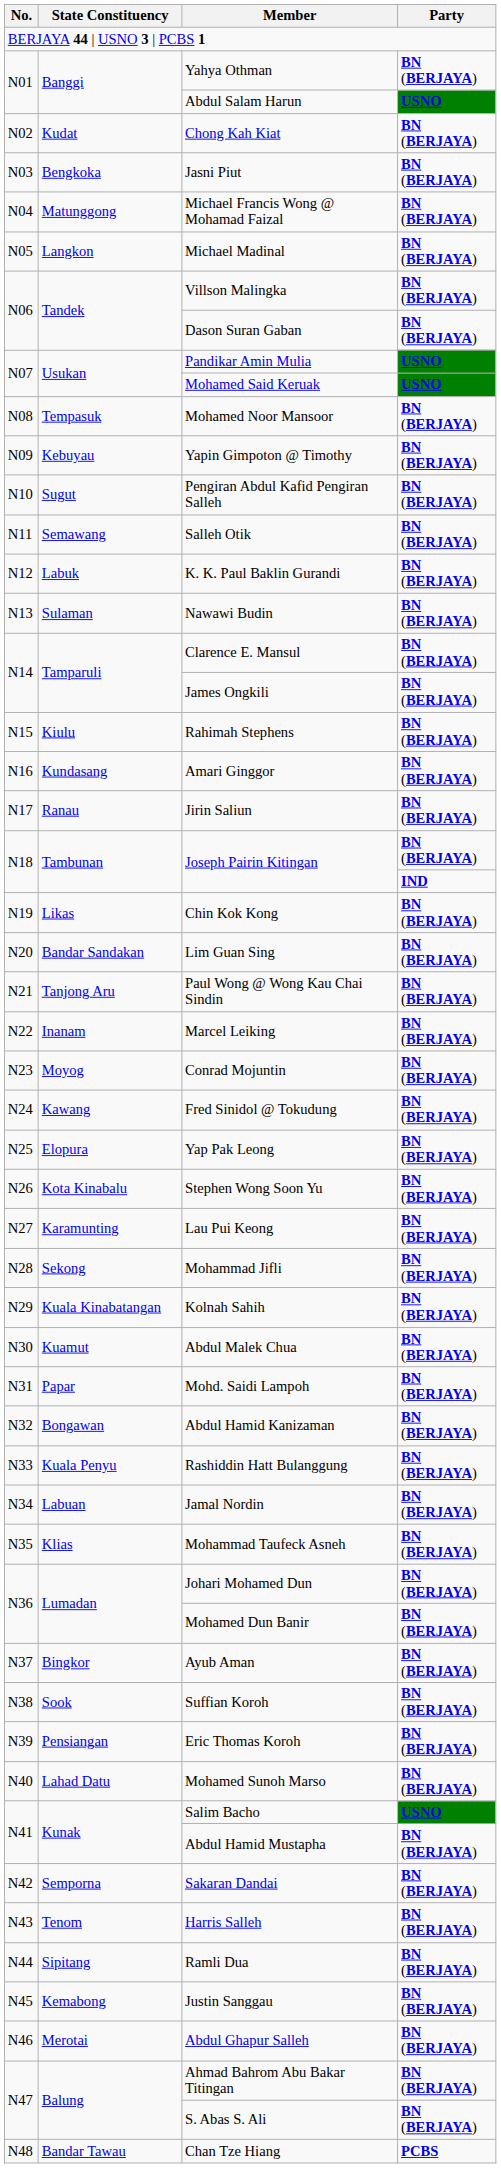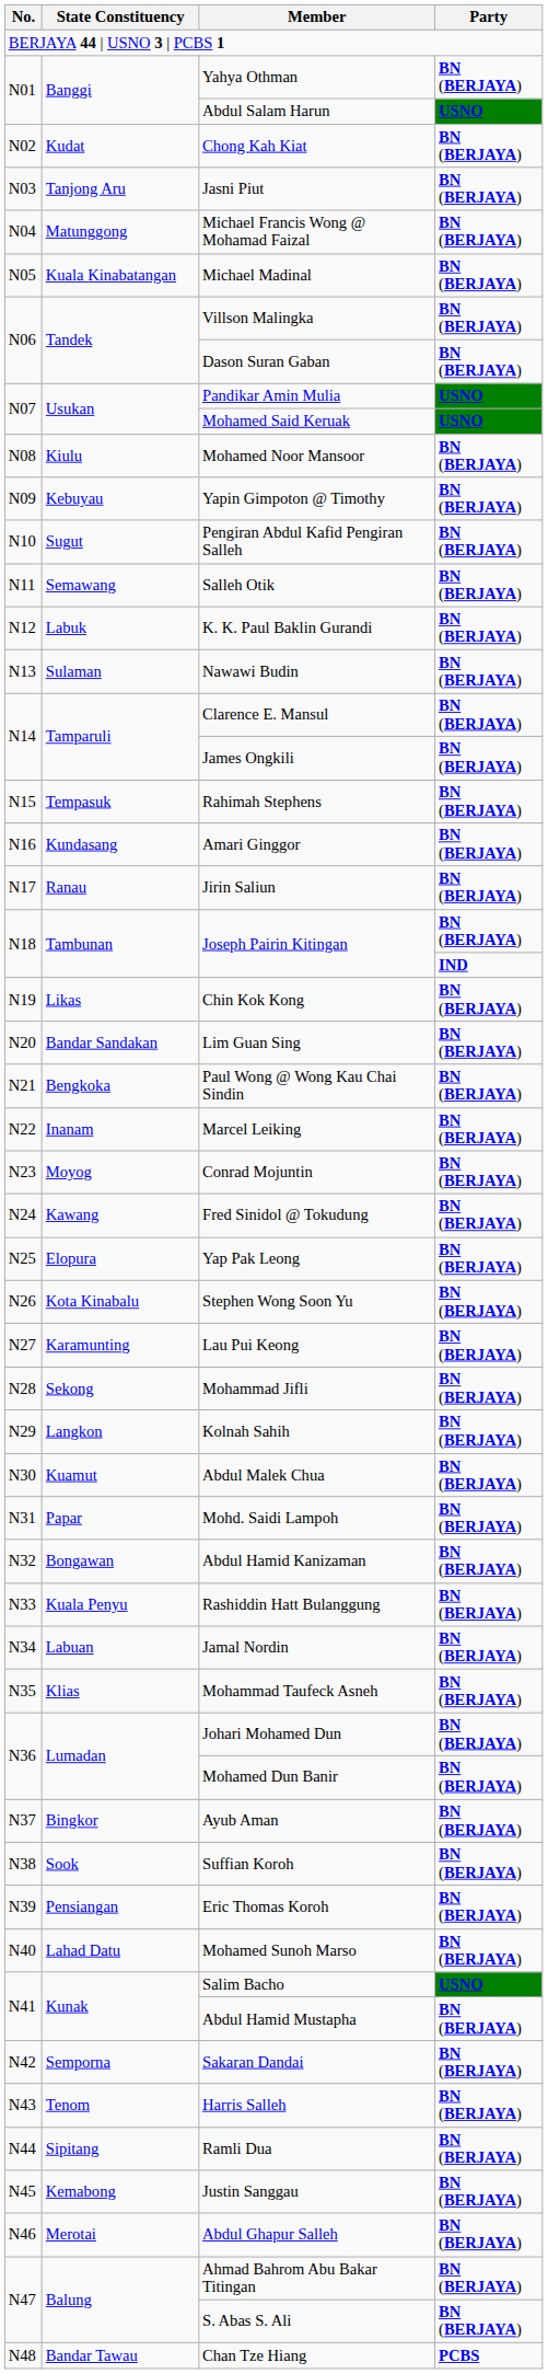 <table class="wikitable sortable">
 <tr>
 <th style="width:30px;">No.</th>
 <th style="width:150px;">State Constituency</th>
 <th style="width:230px;">Member</th>
 <th style="width:100px;">Party</th>
 </tr>
 <tr>
 <td colspan="4"><a href='#'>BERJAYA</a> <strong>44</strong> | <a href='#'>USNO</a> <strong>3</strong> | <a href='#'>PCBS</a> <strong>1</strong></td>
 </tr>
 <tr>
 <td rowspan=2>N01</td>
 <td rowspan=2><a href='#'>Banggi</a></td>
 <td>Yahya Othman </td>
 <td><strong><a href='#'>BN</a></strong> (<strong><a href='#'>BERJAYA</a></strong>)</td>
 </tr>
 <tr>
 <td>Abdul Salam Harun </td>
 <td bgcolor=#008000><strong><a href='#'>USNO</a></strong></td>
 </tr>
 <tr>
 <td>N02</td>
 <td><a href='#'>Kudat</a></td>
 <td><a href='#'>Chong Kah Kiat</a></td>
 <td><strong><a href='#'>BN</a></strong> (<strong><a href='#'>BERJAYA</a></strong>)</td>
 </tr>
 <tr>
 <td>N03</td>
-<td><a href='#'>Bengkoka</a></td>
+<td><a href='#'>Tanjong Aru</a></td>
 <td>Jasni Piut </td>
 <td><strong><a href='#'>BN</a></strong> (<strong><a href='#'>BERJAYA</a></strong>)</td>
 </tr>
 <tr>
 <td>N04</td>
 <td><a href='#'>Matunggong</a></td>
 <td>Michael Francis Wong @ Mohamad Faizal</td>
 <td><strong><a href='#'>BN</a></strong> (<strong><a href='#'>BERJAYA</a></strong>)</td>
 </tr>
 <tr>
 <td>N05</td>
-<td><a href='#'>Langkon</a></td>
+<td><a href='#'>Kuala Kinabatangan</a></td>
 <td>Michael Madinal</td>
 <td><strong><a href='#'>BN</a></strong> (<strong><a href='#'>BERJAYA</a></strong>)</td>
 </tr>
 <tr>
 <td rowspan=2>N06</td>
 <td rowspan=2><a href='#'>Tandek</a></td>
 <td>Villson Malingka </td>
 <td><strong><a href='#'>BN</a></strong> (<strong><a href='#'>BERJAYA</a></strong>)</td>
 </tr>
 <tr>
 <td>Dason Suran Gaban </td>
 <td><strong><a href='#'>BN</a></strong> (<strong><a href='#'>BERJAYA</a></strong>)</td>
 </tr>
 <tr>
 <td rowspan=2>N07</td>
 <td rowspan=2><a href='#'>Usukan</a></td>
 <td><a href='#'>Pandikar Amin Mulia</a> </td>
 <td bgcolor=#008000><strong><a href='#'>USNO</a></strong></td>
 </tr>
 <tr>
 <td><a href='#'>Mohamed Said Keruak</a> </td>
 <td bgcolor=#008000><strong><a href='#'>USNO</a></strong></td>
 </tr>
 <tr>
 <td>N08</td>
-<td><a href='#'>Tempasuk</a></td>
+<td><a href='#'>Kiulu</a></td>
 <td>Mohamed Noor Mansoor</td>
 <td><strong><a href='#'>BN</a></strong> (<strong><a href='#'>BERJAYA</a></strong>)</td>
 </tr>
 <tr>
 <td>N09</td>
 <td><a href='#'>Kebuyau</a></td>
 <td>Yapin Gimpoton @ Timothy</td>
 <td><strong><a href='#'>BN</a></strong> (<strong><a href='#'>BERJAYA</a></strong>)</td>
 </tr>
 <tr>
 <td>N10</td>
 <td><a href='#'>Sugut</a></td>
 <td>Pengiran Abdul Kafid Pengiran Salleh</td>
 <td><strong><a href='#'>BN</a></strong> (<strong><a href='#'>BERJAYA</a></strong>)</td>
 </tr>
 <tr>
 <td>N11</td>
 <td><a href='#'>Semawang</a></td>
 <td>Salleh Otik</td>
 <td><strong><a href='#'>BN</a></strong> (<strong><a href='#'>BERJAYA</a></strong>)</td>
 </tr>
 <tr>
 <td>N12</td>
 <td><a href='#'>Labuk</a></td>
 <td>K. K. Paul Baklin Gurandi</td>
 <td><strong><a href='#'>BN</a></strong> (<strong><a href='#'>BERJAYA</a></strong>)</td>
 </tr>
 <tr>
 <td>N13</td>
 <td><a href='#'>Sulaman</a></td>
 <td>Nawawi Budin</td>
 <td><strong><a href='#'>BN</a></strong> (<strong><a href='#'>BERJAYA</a></strong>)</td>
 </tr>
 <tr>
 <td rowspan=2>N14</td>
 <td rowspan=2><a href='#'>Tamparuli</a></td>
 <td>Clarence E. Mansul </td>
 <td><strong><a href='#'>BN</a></strong> (<strong><a href='#'>BERJAYA</a></strong>)</td>
 </tr>
 <tr>
 <td>James Ongkili </td>
 <td><strong><a href='#'>BN</a></strong> (<strong><a href='#'>BERJAYA</a></strong>)</td>
 </tr>
 <tr>
 <td>N15</td>
-<td><a href='#'>Kiulu</a></td>
+<td><a href='#'>Tempasuk</a></td>
 <td>Rahimah Stephens</td>
 <td><strong><a href='#'>BN</a></strong> (<strong><a href='#'>BERJAYA</a></strong>)</td>
 </tr>
 <tr>
 <td>N16</td>
 <td><a href='#'>Kundasang</a></td>
 <td>Amari Ginggor</td>
 <td><strong><a href='#'>BN</a></strong> (<strong><a href='#'>BERJAYA</a></strong>)</td>
 </tr>
 <tr>
 <td>N17</td>
 <td><a href='#'>Ranau</a></td>
 <td>Jirin Saliun</td>
 <td><strong><a href='#'>BN</a></strong> (<strong><a href='#'>BERJAYA</a></strong>)</td>
 </tr>
 <tr>
 <td rowspan=2>N18</td>
 <td rowspan=2><a href='#'>Tambunan</a></td>
 <td rowspan=2><a href='#'>Joseph Pairin Kitingan</a> </td>
 <td><strong><a href='#'>BN</a></strong> (<strong><a href='#'>BERJAYA</a></strong>)</td>
 </tr>
 <tr>
 <td><strong><a href='#'>IND</a></strong></td>
 </tr>
 <tr>
 <td>N19</td>
 <td><a href='#'>Likas</a></td>
 <td>Chin Kok Kong</td>
 <td><strong><a href='#'>BN</a></strong> (<strong><a href='#'>BERJAYA</a></strong>)</td>
 </tr>
 <tr>
 <td>N20</td>
 <td><a href='#'>Bandar Sandakan</a></td>
 <td>Lim Guan Sing</td>
 <td><strong><a href='#'>BN</a></strong> (<strong><a href='#'>BERJAYA</a></strong>)</td>
 </tr>
 <tr>
 <td>N21</td>
-<td><a href='#'>Tanjong Aru</a></td>
+<td><a href='#'>Bengkoka</a></td>
 <td>Paul Wong @ Wong Kau Chai Sindin</td>
 <td><strong><a href='#'>BN</a></strong> (<strong><a href='#'>BERJAYA</a></strong>)</td>
 </tr>
 <tr>
 <td>N22</td>
 <td><a href='#'>Inanam</a></td>
 <td>Marcel Leiking</td>
 <td><strong><a href='#'>BN</a></strong> (<strong><a href='#'>BERJAYA</a></strong>)</td>
 </tr>
 <tr>
 <td>N23</td>
 <td><a href='#'>Moyog</a></td>
 <td>Conrad Mojuntin</td>
 <td><strong><a href='#'>BN</a></strong> (<strong><a href='#'>BERJAYA</a></strong>)</td>
 </tr>
 <tr>
 <td>N24</td>
 <td><a href='#'>Kawang</a></td>
 <td>Fred Sinidol @ Tokudung</td>
 <td><strong><a href='#'>BN</a></strong> (<strong><a href='#'>BERJAYA</a></strong>)</td>
 </tr>
 <tr>
 <td>N25</td>
 <td><a href='#'>Elopura</a></td>
 <td>Yap Pak Leong</td>
 <td><strong><a href='#'>BN</a></strong> (<strong><a href='#'>BERJAYA</a></strong>)</td>
 </tr>
 <tr>
 <td>N26</td>
 <td><a href='#'>Kota Kinabalu</a></td>
 <td>Stephen Wong Soon Yu</td>
 <td><strong><a href='#'>BN</a></strong> (<strong><a href='#'>BERJAYA</a></strong>)</td>
 </tr>
 <tr>
 <td>N27</td>
 <td><a href='#'>Karamunting</a></td>
 <td>Lau Pui Keong</td>
 <td><strong><a href='#'>BN</a></strong> (<strong><a href='#'>BERJAYA</a></strong>)</td>
 </tr>
 <tr>
 <td>N28</td>
 <td><a href='#'>Sekong</a></td>
 <td>Mohammad Jifli</td>
 <td><strong><a href='#'>BN</a></strong> (<strong><a href='#'>BERJAYA</a></strong>)</td>
 </tr>
 <tr>
 <td>N29</td>
-<td><a href='#'>Kuala Kinabatangan</a></td>
+<td><a href='#'>Langkon</a></td>
 <td>Kolnah Sahih</td>
 <td><strong><a href='#'>BN</a></strong> (<strong><a href='#'>BERJAYA</a></strong>)</td>
 </tr>
 <tr>
 <td>N30</td>
 <td><a href='#'>Kuamut</a></td>
 <td>Abdul Malek Chua</td>
 <td><strong><a href='#'>BN</a></strong> (<strong><a href='#'>BERJAYA</a></strong>)</td>
 </tr>
 <tr>
 <td>N31</td>
 <td><a href='#'>Papar</a></td>
 <td>Mohd. Saidi Lampoh</td>
 <td><strong><a href='#'>BN</a></strong> (<strong><a href='#'>BERJAYA</a></strong>)</td>
 </tr>
 <tr>
 <td>N32</td>
 <td><a href='#'>Bongawan</a></td>
 <td>Abdul Hamid Kanizaman</td>
 <td><strong><a href='#'>BN</a></strong> (<strong><a href='#'>BERJAYA</a></strong>)</td>
 </tr>
 <tr>
 <td>N33</td>
 <td><a href='#'>Kuala Penyu</a></td>
 <td>Rashiddin Hatt Bulanggung</td>
 <td><strong><a href='#'>BN</a></strong> (<strong><a href='#'>BERJAYA</a></strong>)</td>
 </tr>
 <tr>
 <td>N34</td>
 <td><a href='#'>Labuan</a></td>
 <td>Jamal Nordin</td>
 <td><strong><a href='#'>BN</a></strong> (<strong><a href='#'>BERJAYA</a></strong>)</td>
 </tr>
 <tr>
 <td>N35</td>
 <td><a href='#'>Klias</a></td>
 <td>Mohammad Taufeck Asneh</td>
 <td><strong><a href='#'>BN</a></strong> (<strong><a href='#'>BERJAYA</a></strong>)</td>
 </tr>
 <tr>
 <td rowspan=2>N36</td>
 <td rowspan=2><a href='#'>Lumadan</a></td>
 <td>Johari Mohamed Dun </td>
 <td><strong><a href='#'>BN</a></strong> (<strong><a href='#'>BERJAYA</a></strong>)</td>
 </tr>
 <tr>
 <td>Mohamed Dun Banir </td>
 <td><strong><a href='#'>BN</a></strong> (<strong><a href='#'>BERJAYA</a></strong>)</td>
 </tr>
 <tr>
 <td>N37</td>
 <td><a href='#'>Bingkor</a></td>
 <td>Ayub Aman</td>
 <td><strong><a href='#'>BN</a></strong> (<strong><a href='#'>BERJAYA</a></strong>)</td>
 </tr>
 <tr>
 <td>N38</td>
 <td><a href='#'>Sook</a></td>
 <td>Suffian Koroh</td>
 <td><strong><a href='#'>BN</a></strong> (<strong><a href='#'>BERJAYA</a></strong>)</td>
 </tr>
 <tr>
 <td>N39</td>
 <td><a href='#'>Pensiangan</a></td>
 <td>Eric Thomas Koroh</td>
 <td><strong><a href='#'>BN</a></strong> (<strong><a href='#'>BERJAYA</a></strong>)</td>
 </tr>
 <tr>
 <td>N40</td>
 <td><a href='#'>Lahad Datu</a></td>
 <td>Mohamed Sunoh Marso</td>
 <td><strong><a href='#'>BN</a></strong> (<strong><a href='#'>BERJAYA</a></strong>)</td>
 </tr>
 <tr>
 <td rowspan=2>N41</td>
 <td rowspan=2><a href='#'>Kunak</a></td>
 <td>Salim Bacho </td>
 <td bgcolor=#008000><strong><a href='#'>USNO</a></strong></td>
 </tr>
 <tr>
 <td>Abdul Hamid Mustapha </td>
 <td><strong><a href='#'>BN</a></strong> (<strong><a href='#'>BERJAYA</a></strong>)</td>
 </tr>
 <tr>
 <td>N42</td>
 <td><a href='#'>Semporna</a></td>
 <td><a href='#'>Sakaran Dandai</a></td>
 <td><strong><a href='#'>BN</a></strong> (<strong><a href='#'>BERJAYA</a></strong>)</td>
 </tr>
 <tr>
 <td>N43</td>
 <td><a href='#'>Tenom</a></td>
 <td><a href='#'>Harris Salleh</a></td>
 <td><strong><a href='#'>BN</a></strong> (<strong><a href='#'>BERJAYA</a></strong>)</td>
 </tr>
 <tr>
 <td>N44</td>
 <td><a href='#'>Sipitang</a></td>
 <td>Ramli Dua</td>
 <td><strong><a href='#'>BN</a></strong> (<strong><a href='#'>BERJAYA</a></strong>)</td>
 </tr>
 <tr>
 <td>N45</td>
 <td><a href='#'>Kemabong</a></td>
 <td>Justin Sanggau</td>
 <td><strong><a href='#'>BN</a></strong> (<strong><a href='#'>BERJAYA</a></strong>)</td>
 </tr>
 <tr>
 <td>N46</td>
 <td><a href='#'>Merotai</a></td>
 <td><a href='#'>Abdul Ghapur Salleh</a></td>
 <td><strong><a href='#'>BN</a></strong> (<strong><a href='#'>BERJAYA</a></strong>)</td>
 </tr>
 <tr>
 <td rowspan=2>N47</td>
 <td rowspan=2><a href='#'>Balung</a></td>
 <td>Ahmad Bahrom Abu Bakar Titingan </td>
 <td><strong><a href='#'>BN</a></strong> (<strong><a href='#'>BERJAYA</a></strong>)</td>
 </tr>
 <tr>
 <td>S. Abas S. Ali </td>
 <td><strong><a href='#'>BN</a></strong> (<strong><a href='#'>BERJAYA</a></strong>)</td>
 </tr>
 <tr>
 <td>N48</td>
 <td><a href='#'>Bandar Tawau</a></td>
 <td>Chan Tze Hiang</td>
 <td><strong><a href='#'>PCBS</a></strong></td>
 </tr>
 </table>
